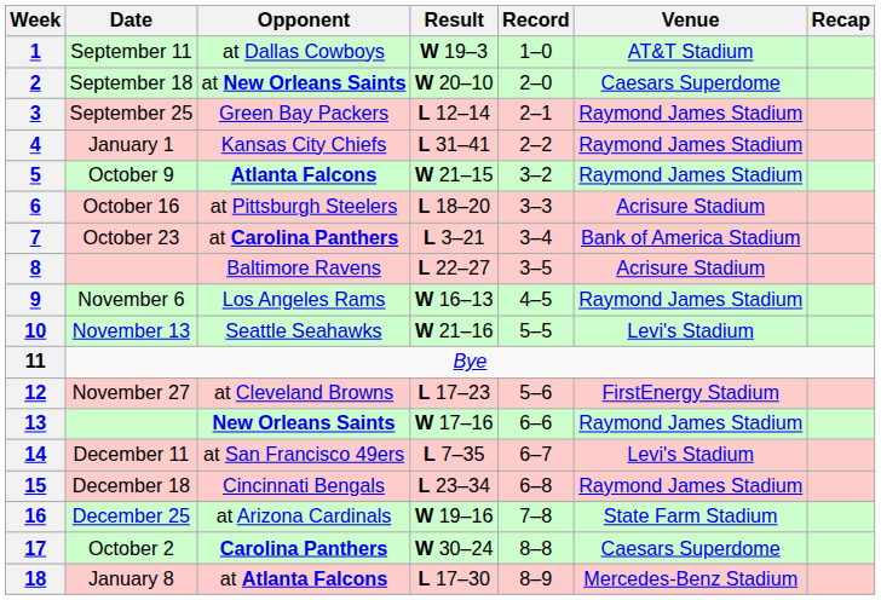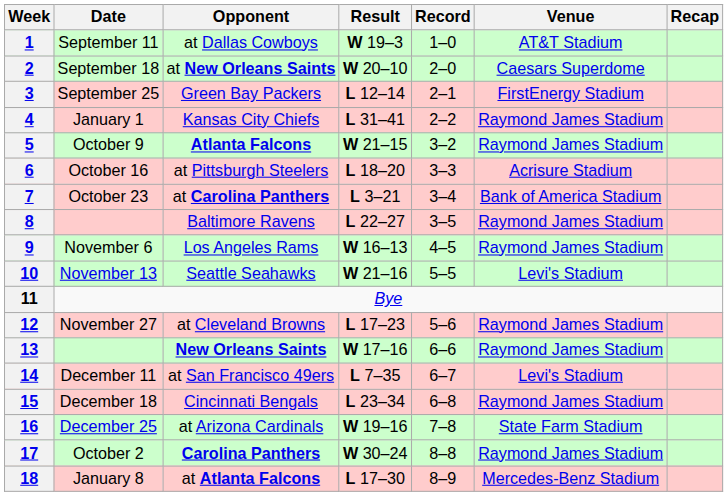 <table class="wikitable" style="text-align:center">
 <tr>
 <th>Week</th>
 <th>Date</th>
 <th>Opponent</th>
 <th>Result</th>
 <th>Record</th>
 <th>Venue</th>
 <th>Recap</th>
 </tr>
 <tr style="background:#cfc">
 <th><a href='#'>1</a></th>
 <td>September 11</td>
 <td>at <a href='#'>Dallas Cowboys</a></td>
 <td><strong>W</strong> 19–3</td>
 <td>1–0</td>
 <td><a href='#'>AT&T Stadium</a></td>
 <td></td>
 </tr>
 <tr style="background:#cfc">
 <th><a href='#'>2</a></th>
 <td>September 18</td>
 <td>at <strong><a href='#'>New Orleans Saints</a></strong></td>
 <td><strong>W</strong> 20–10</td>
 <td>2–0</td>
 <td><a href='#'>Caesars Superdome</a></td>
 <td></td>
 </tr>
 <tr style="background:#fcc">
 <th><a href='#'>3</a></th>
 <td>September 25</td>
 <td><a href='#'>Green Bay Packers</a></td>
 <td><strong>L</strong> 12–14</td>
 <td>2–1</td>
-<td><a href='#'>Raymond James Stadium</a></td>
+<td><a href='#'>FirstEnergy Stadium</a></td>
 <td></td>
 </tr>
 <tr style="background:#fcc">
 <th><a href='#'>4</a></th>
 <td>January 1</td>
 <td><a href='#'>Kansas City Chiefs</a></td>
 <td><strong>L</strong> 31–41</td>
 <td>2–2</td>
 <td><a href='#'>Raymond James Stadium</a></td>
 <td></td>
 </tr>
 <tr style="background:#cfc">
 <th><a href='#'>5</a></th>
 <td>October 9</td>
 <td><strong><a href='#'>Atlanta Falcons</a></strong></td>
 <td><strong>W</strong> 21–15</td>
 <td>3–2</td>
 <td><a href='#'>Raymond James Stadium</a></td>
 <td></td>
 </tr>
 <tr style="background:#fcc">
 <th><a href='#'>6</a></th>
 <td>October 16</td>
 <td>at <a href='#'>Pittsburgh Steelers</a></td>
 <td><strong>L</strong> 18–20</td>
 <td>3–3</td>
 <td><a href='#'>Acrisure Stadium</a></td>
 <td></td>
 </tr>
 <tr style="background:#fcc">
 <th><a href='#'>7</a></th>
 <td>October 23</td>
 <td>at <strong><a href='#'>Carolina Panthers</a></strong></td>
 <td><strong>L</strong> 3–21</td>
 <td>3–4</td>
 <td><a href='#'>Bank of America Stadium</a></td>
 <td></td>
 </tr>
 <tr style="background:#fcc">
 <th><a href='#'>8</a></th>
 <td></td>
 <td><a href='#'>Baltimore Ravens</a></td>
 <td><strong>L</strong> 22–27</td>
 <td>3–5</td>
-<td><a href='#'>Acrisure Stadium</a></td>
+<td><a href='#'>Raymond James Stadium</a></td>
 <td></td>
 </tr>
 <tr style="background:#cfc">
 <th><a href='#'>9</a></th>
 <td>November 6</td>
 <td><a href='#'>Los Angeles Rams</a></td>
 <td><strong>W</strong> 16–13</td>
 <td>4–5</td>
 <td><a href='#'>Raymond James Stadium</a></td>
 <td></td>
 </tr>
 <tr style="background:#cfc">
 <th><a href='#'>10</a></th>
 <td><a href='#'>November 13</a></td>
 <td><a href='#'>Seattle Seahawks</a></td>
 <td><strong>W</strong> 21–16</td>
 <td>5–5</td>
 <td><a href='#'>Levi's Stadium</a></td>
 <td></td>
 </tr>
 <tr>
 <th>11</th>
 <td colspan="6"><em><a href='#'>Bye</a></em></td>
 </tr>
 <tr style="background:#fcc">
 <th><a href='#'>12</a></th>
 <td>November 27</td>
 <td>at <a href='#'>Cleveland Browns</a></td>
 <td><strong>L</strong> 17–23 </td>
 <td>5–6</td>
-<td><a href='#'>FirstEnergy Stadium</a></td>
+<td><a href='#'>Raymond James Stadium</a></td>
 <td></td>
 </tr>
 <tr style="background:#cfc">
 <th><a href='#'>13</a></th>
 <td></td>
 <td><strong><a href='#'>New Orleans Saints</a></strong></td>
 <td><strong>W</strong> 17–16</td>
 <td>6–6</td>
 <td><a href='#'>Raymond James Stadium</a></td>
 <td></td>
 </tr>
 <tr style="background:#fcc">
 <th><a href='#'>14</a></th>
 <td>December 11</td>
 <td>at <a href='#'>San Francisco 49ers</a></td>
 <td><strong>L</strong> 7–35</td>
 <td>6–7</td>
 <td><a href='#'>Levi's Stadium</a></td>
 <td></td>
 </tr>
 <tr style="background:#fcc">
 <th><a href='#'>15</a></th>
 <td>December 18</td>
 <td><a href='#'>Cincinnati Bengals</a></td>
 <td><strong>L</strong> 23–34</td>
 <td>6–8</td>
 <td><a href='#'>Raymond James Stadium</a></td>
 <td></td>
 </tr>
 <tr style="background:#cfc">
 <th><a href='#'>16</a></th>
 <td><a href='#'>December 25</a></td>
 <td>at <a href='#'>Arizona Cardinals</a></td>
 <td><strong>W</strong> 19–16 </td>
 <td>7–8</td>
 <td><a href='#'>State Farm Stadium</a></td>
 <td></td>
 </tr>
 <tr style="background:#cfc">
 <th><a href='#'>17</a></th>
 <td>October 2</td>
 <td><strong><a href='#'>Carolina Panthers</a></strong></td>
 <td><strong>W</strong> 30–24</td>
 <td>8–8</td>
-<td><a href='#'>Caesars Superdome</a></td>
+<td><a href='#'>Raymond James Stadium</a></td>
 <td></td>
 </tr>
 <tr style="background:#fcc">
 <th><a href='#'>18</a></th>
 <td>January 8</td>
 <td>at <strong><a href='#'>Atlanta Falcons</a></strong></td>
 <td><strong>L</strong> 17–30</td>
 <td>8–9</td>
 <td><a href='#'>Mercedes-Benz Stadium</a></td>
 <td></td>
 </tr>
 </table>
